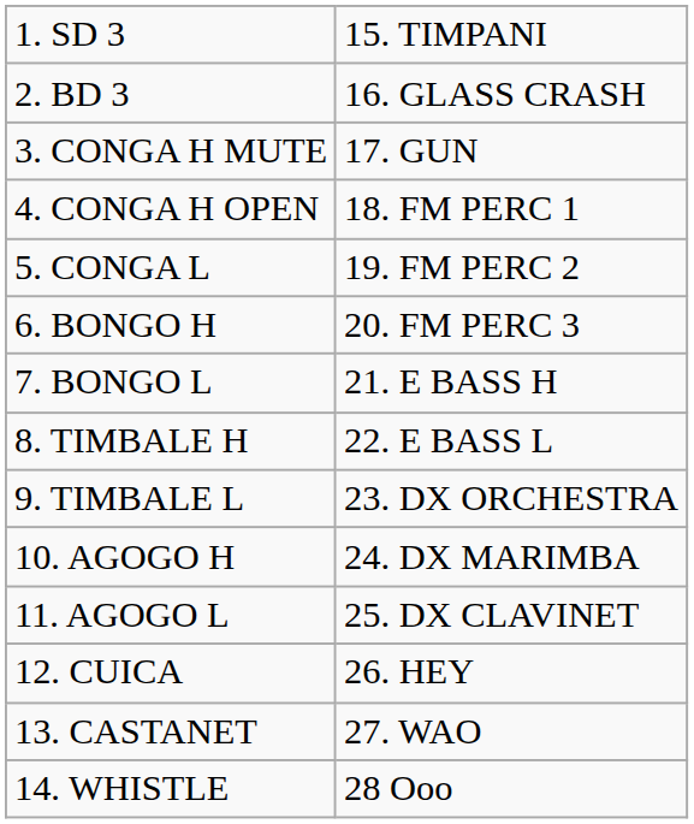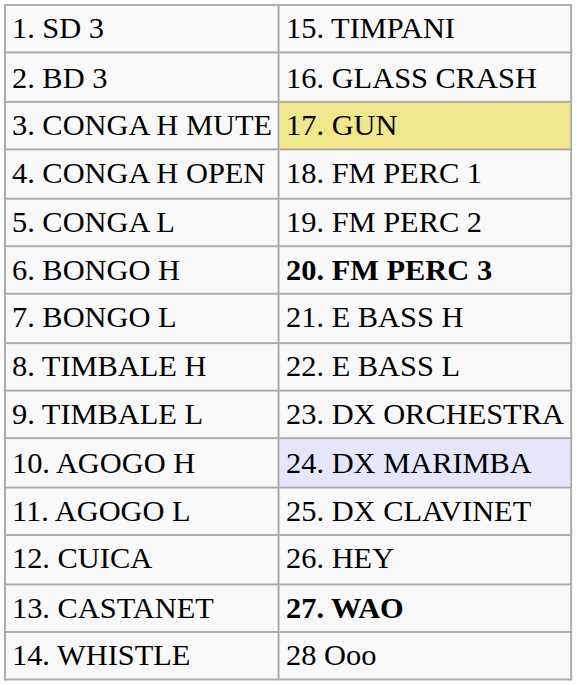 <table class="wikitable">
 <tr>
 <td>1. SD 3</td>
 <td>15. TIMPANI</td>
 </tr>
 <tr>
 <td>2. BD 3</td>
 <td>16. GLASS CRASH</td>
 </tr>
 <tr>
 <td>3. CONGA H MUTE</td>
-<td>17. GUN</td>
+<td style="background: khaki;">17. GUN</td>
 </tr>
 <tr>
 <td>4. CONGA H OPEN</td>
 <td>18. FM PERC 1</td>
 </tr>
 <tr>
 <td>5. CONGA L</td>
 <td>19. FM PERC 2</td>
 </tr>
 <tr>
 <td>6. BONGO H</td>
-<td>20. FM PERC 3</td>
+<td><strong>20. FM PERC 3</strong></td>
 </tr>
 <tr>
 <td>7. BONGO L</td>
 <td>21. E BASS H</td>
 </tr>
 <tr>
 <td>8. TIMBALE H</td>
 <td>22. E BASS L</td>
 </tr>
 <tr>
 <td>9. TIMBALE L</td>
 <td>23. DX ORCHESTRA</td>
 </tr>
 <tr>
 <td>10. AGOGO H</td>
-<td>24. DX MARIMBA</td>
+<td style="background: lavender;">24. DX MARIMBA</td>
 </tr>
 <tr>
 <td>11. AGOGO L</td>
 <td>25. DX CLAVINET</td>
 </tr>
 <tr>
 <td>12. CUICA</td>
 <td>26. HEY</td>
 </tr>
 <tr>
 <td>13. CASTANET</td>
-<td>27. WAO</td>
+<td><strong>27. WAO</strong></td>
 </tr>
 <tr>
 <td>14. WHISTLE</td>
 <td>28 Ooo</td>
 </tr>
 </table>
